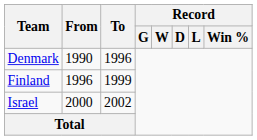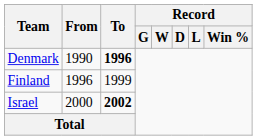 <table class="wikitable" style="text-align: center">
 <tr>
 <th rowspan="2">Team</th>
 <th rowspan="2">From</th>
 <th rowspan="2">To</th>
 <th colspan="5">Record</th>
 </tr>
 <tr>
 <th>G</th>
 <th>W</th>
 <th>D</th>
 <th>L</th>
 <th>Win %</th>
 </tr>
 <tr>
 <td align="left"><a href='#'>Denmark</a></td>
 <td align="left">1990</td>
-<td align="left">1996<br></td>
+<td align="left"><strong>1996<br></strong></td>
 </tr>
 <tr>
 <td align="left"><a href='#'>Finland</a></td>
 <td align="left">1996</td>
 <td align="left">1999<br></td>
 </tr>
 <tr>
 <td align="left"><a href='#'>Israel</a></td>
 <td align="left">2000</td>
-<td align="left">2002<br></td>
+<td align="left"><strong>2002<br></strong></td>
 </tr>
 <tr>
 <th colspan="3">Total<br></th>
 </tr>
 </table>
